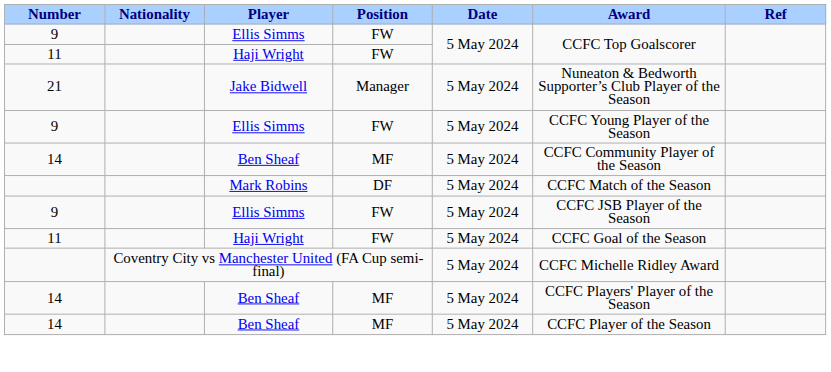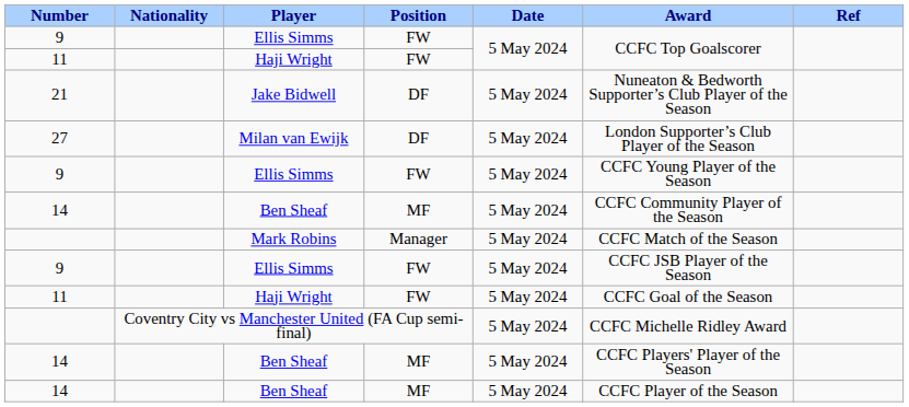 <table class="wikitable sortable alternance" style="font-size:100%; text-align:center; line-height:14px; width:100%;">
 <tr>
 <th style="background:#AAD0FF; color:#000080; width:100px;">Number</th>
 <th style="background:#AAD0FF; color:#000080; width:100px;">Nationality</th>
 <th style="background:#AAD0FF; color:#000080; width:130px;">Player</th>
 <th style="background:#AAD0FF; color:#000080; width:100px;">Position</th>
 <th style="background:#AAD0FF; color:#000080; width:100px;">Date</th>
 <th style="background:#AAD0FF; color:#000080; width:200px;">Award</th>
 <th style="background:#AAD0FF; color:#000080; width:100px;">Ref</th>
 </tr>
 <tr>
 <td>9</td>
 <td></td>
 <td><a href='#'>Ellis Simms</a></td>
 <td>FW</td>
 <td rowspan="2">5 May 2024</td>
 <td rowspan="2">CCFC Top Goalscorer</td>
 <td rowspan="2"></td>
 </tr>
 <tr>
 <td>11</td>
 <td></td>
 <td><a href='#'>Haji Wright</a></td>
 <td>FW</td>
 </tr>
 <tr>
 <td>21</td>
 <td></td>
 <td><a href='#'>Jake Bidwell</a></td>
-<td>Manager</td>
+<td>DF</td>
 <td>5 May 2024</td>
 <td>Nuneaton & Bedworth Supporter’s Club Player of the Season</td>
+<td></td>
+</tr>
+<tr>
+<td>27</td>
+<td></td>
+<td><a href='#'>Milan van Ewijk</a></td>
+<td>DF</td>
+<td>5 May 2024</td>
+<td>London Supporter’s Club Player of the Season</td>
 <td></td>
 </tr>
 <tr>
 <td>9</td>
 <td></td>
 <td><a href='#'>Ellis Simms</a></td>
 <td>FW</td>
 <td>5 May 2024</td>
 <td>CCFC Young Player of the Season</td>
 <td></td>
 </tr>
 <tr>
 <td>14</td>
 <td></td>
 <td><a href='#'>Ben Sheaf</a></td>
 <td>MF</td>
 <td>5 May 2024</td>
 <td>CCFC Community Player of the Season</td>
 <td></td>
 </tr>
 <tr>
 <td></td>
 <td></td>
 <td><a href='#'>Mark Robins</a></td>
-<td>DF</td>
+<td>Manager</td>
 <td>5 May 2024</td>
 <td>CCFC Match of the Season</td>
 <td></td>
 </tr>
 <tr>
 <td>9</td>
 <td></td>
 <td><a href='#'>Ellis Simms</a></td>
 <td>FW</td>
 <td>5 May 2024</td>
 <td>CCFC JSB Player of the Season</td>
 <td></td>
 </tr>
 <tr>
 <td>11</td>
 <td></td>
 <td><a href='#'>Haji Wright</a></td>
 <td>FW</td>
 <td>5 May 2024</td>
 <td>CCFC Goal of the Season</td>
 <td></td>
 </tr>
 <tr>
 <td></td>
 <td colspan="3">Coventry City vs <a href='#'>Manchester United</a> (FA Cup semi-final)</td>
 <td>5 May 2024</td>
 <td>CCFC Michelle Ridley Award</td>
 <td></td>
 </tr>
 <tr>
 <td>14</td>
 <td></td>
 <td><a href='#'>Ben Sheaf</a></td>
 <td>MF</td>
 <td>5 May 2024</td>
 <td>CCFC Players' Player of the Season</td>
 <td></td>
 </tr>
 <tr>
 <td>14</td>
 <td></td>
 <td><a href='#'>Ben Sheaf</a></td>
 <td>MF</td>
 <td>5 May 2024</td>
 <td>CCFC Player of the Season</td>
 <td></td>
 </tr>
 </table>
